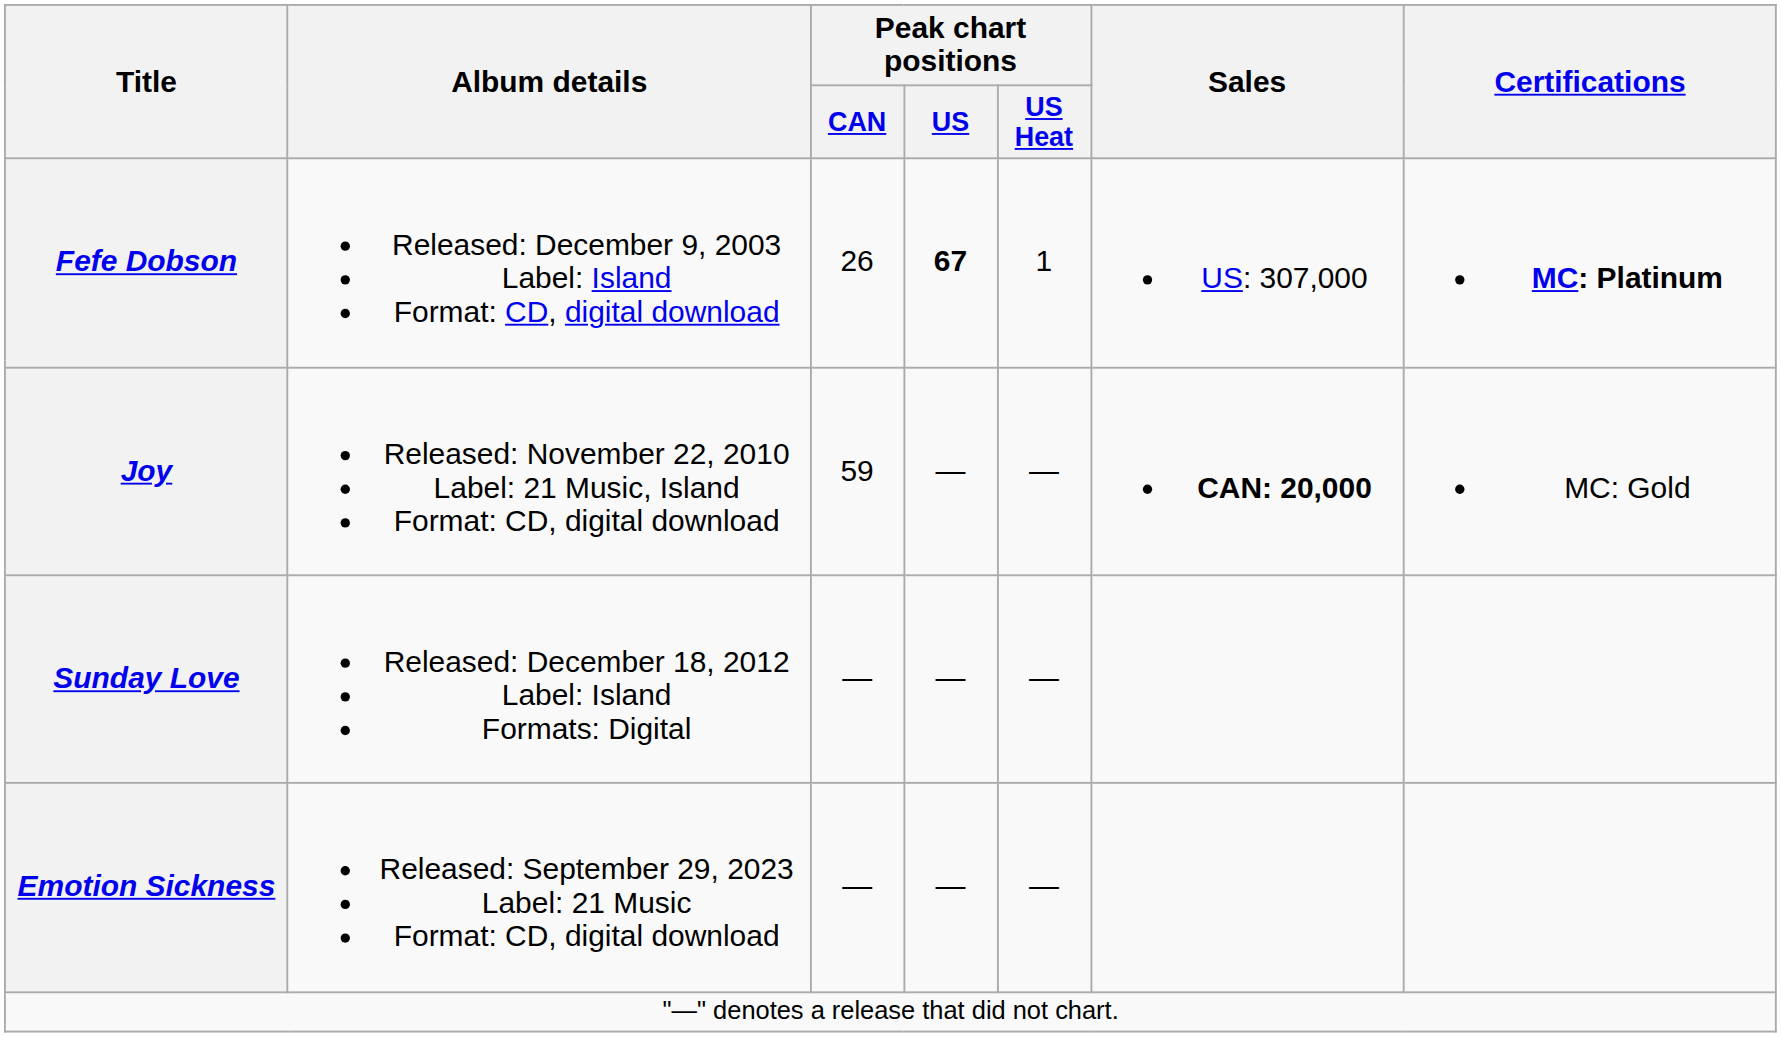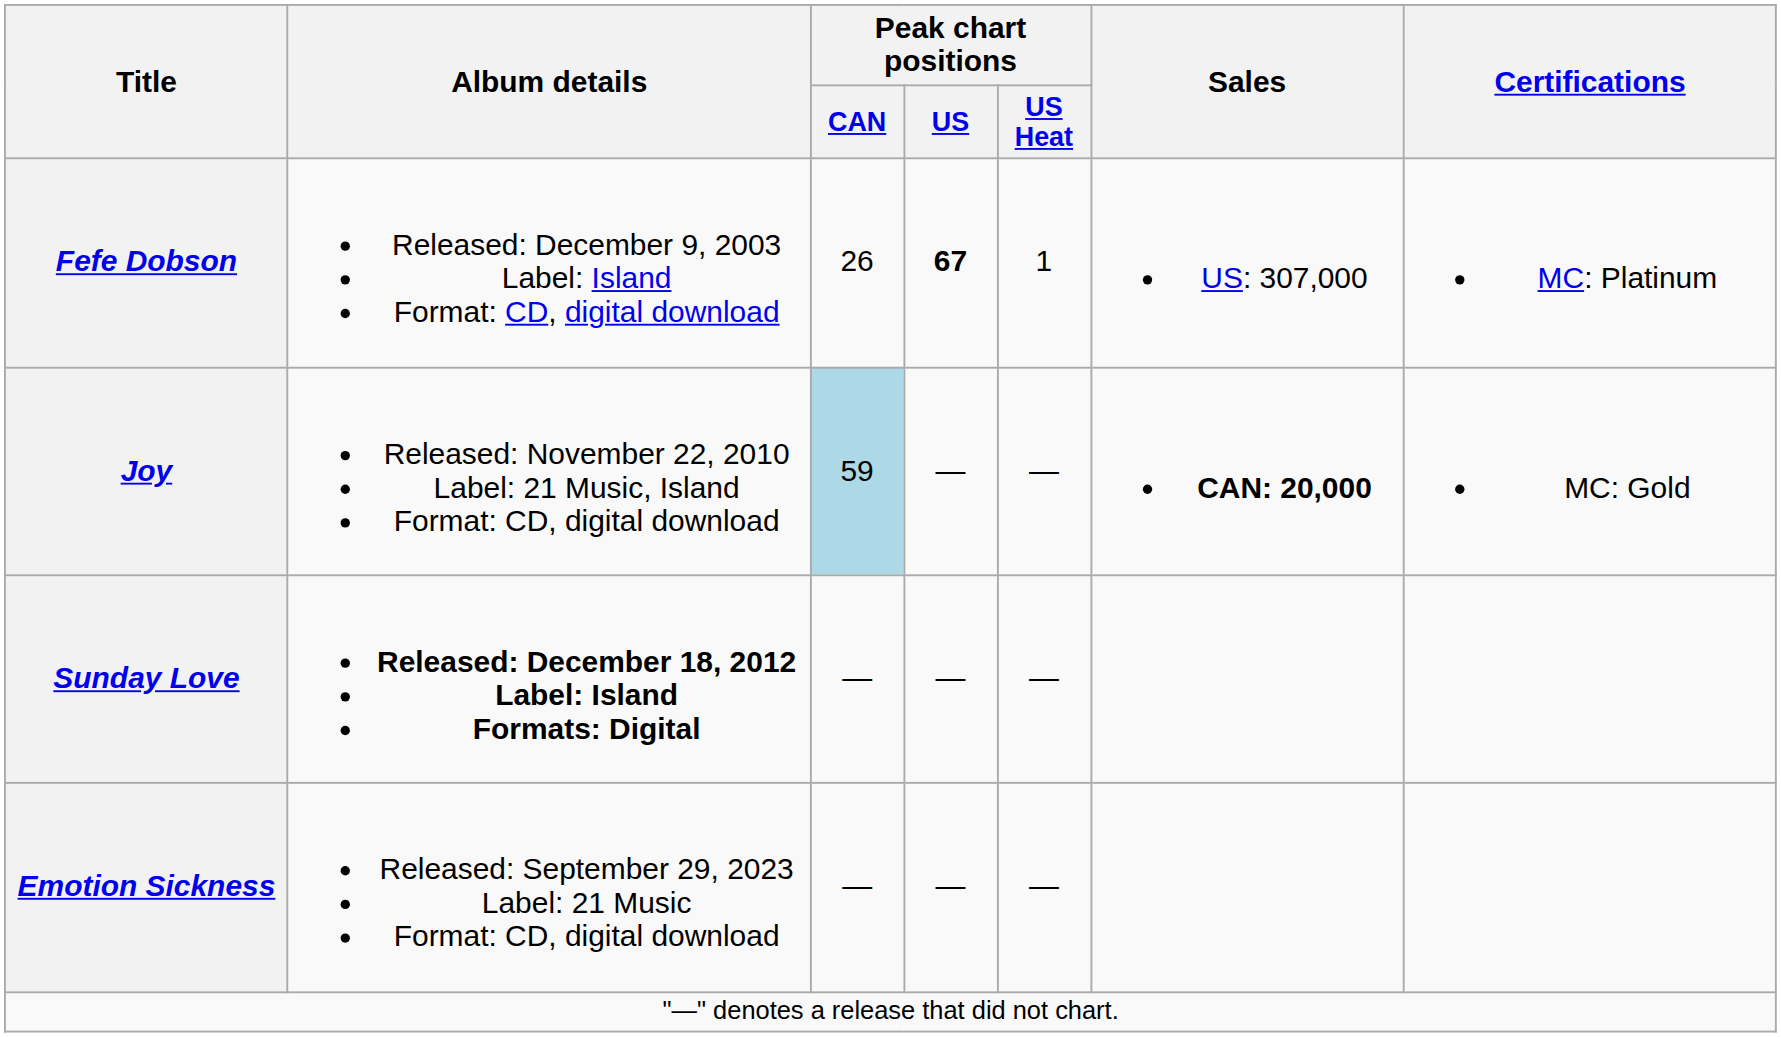 <table class="wikitable plainrowheaders" style="text-align:center;">
 <tr>
 <th scope="col" rowspan="2" style="width:9em;">Title</th>
 <th scope="col" rowspan="2" style="width:17em;">Album details</th>
 <th scope="col" colspan="3">Peak chart positions</th>
 <th scope="col" rowspan="2" style="width:10em;">Sales</th>
 <th scope="col" rowspan="2" style="width:12em;"><a href='#'>Certifications</a></th>
 </tr>
 <tr>
 <th style="width:3em;font-size:90%"><a href='#'>CAN</a><br></th>
 <th style="width:3em;font-size:90%"><a href='#'>US</a><br></th>
 <th style="width:3em;font-size:90%"><a href='#'>US<br>Heat</a><br></th>
 </tr>
 <tr>
 <th scope="row"><em><a href='#'>Fefe Dobson</a></em></th>
 <td><br><ul><li>Released: December 9, 2003</li><li>Label: <a href='#'>Island</a></li><li>Format: <a href='#'>CD</a>, <a href='#'>digital download</a></li></ul></td>
 <td>26</td>
 <td><strong>67</strong></td>
 <td>1</td>
 <td><br><ul><li><a href='#'>US</a>: 307,000</li></ul></td>
-<td><strong><br><ul><li><a href='#'>MC</a>: Platinum</li></ul></strong></td>
+<td><br><ul><li><a href='#'>MC</a>: Platinum</li></ul></td>
 </tr>
 <tr>
 <th scope="row"><em><a href='#'>Joy</a></em></th>
 <td><br><ul><li>Released: November 22, 2010</li><li>Label: 21 Music, Island</li><li>Format: CD, digital download</li></ul></td>
-<td>59</td>
+<td style="background: lightblue;">59</td>
 <td>—</td>
 <td>—</td>
 <td><strong><br><ul><li>CAN: 20,000</li></ul></strong></td>
 <td><br><ul><li>MC: Gold</li></ul></td>
 </tr>
 <tr>
 <th scope="row"><em><a href='#'>Sunday Love</a></em></th>
-<td><br><ul><li>Released: December 18, 2012</li><li>Label: Island</li><li>Formats: Digital</li></ul></td>
+<td><strong><br><ul><li>Released: December 18, 2012</li><li>Label: Island</li><li>Formats: Digital</li></ul></strong></td>
 <td>—</td>
 <td>—</td>
 <td>—</td>
 <td></td>
 <td></td>
 </tr>
 <tr>
 <th scope="row"><em><a href='#'>Emotion Sickness</a></em></th>
 <td><br><ul><li>Released: September 29, 2023</li><li>Label: 21 Music</li><li>Format: CD, digital download</li></ul></td>
 <td>—</td>
 <td>—</td>
 <td>—</td>
 <td></td>
 <td></td>
 </tr>
 <tr>
 <td align="center" colspan="10" style="font-size: 85%">"—" denotes a release that did not chart.</td>
 </tr>
 </table>
